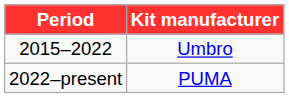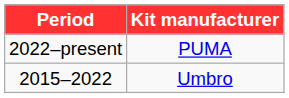 <table class="wikitable" style="font-size: 95%; text-align:center">
 <tr>
 <th scope=col style="color:white; background:#FF3131">Period</th>
 <th scope=col style="color:white; background:#FF3131">Kit manufacturer</th>
 </tr>
 <tr>
+<td>2022–present</td>
+<td> <a href='#'>PUMA</a></td>
+</tr>
+<tr>
 <td>2015–2022</td>
 <td> <a href='#'>Umbro</a></td>
 </tr>
-<tr>
-<td>2022–present</td>
-<td> <a href='#'>PUMA</a></td>
-</tr>
 </table>
